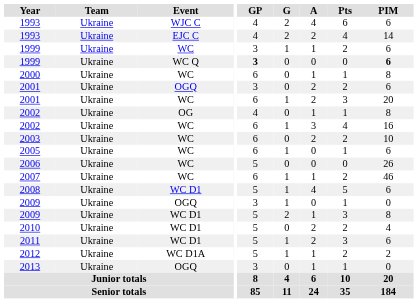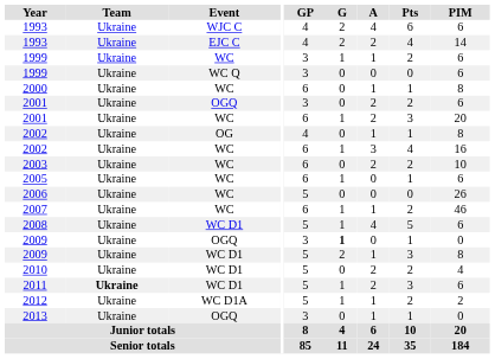 <table border="0" cellpadding="1" cellspacing="0" style="text-align:center; width:40em">
 <tr bgcolor="#e0e0e0">
 <th>Year</th>
 <th>Team</th>
 <th>Event</th>
 <th rowspan="99" bgcolor="#ffffff"></th>
 <th>GP</th>
 <th>G</th>
 <th>A</th>
 <th>Pts</th>
 <th>PIM</th>
 </tr>
 <tr>
 <td><a href='#'>1993</a></td>
 <td><a href='#'>Ukraine</a></td>
 <td><a href='#'>WJC C</a></td>
 <td>4</td>
 <td>2</td>
 <td>4</td>
 <td>6</td>
 <td>6</td>
 </tr>
 <tr bgcolor="#f0f0f0">
 <td><a href='#'>1993</a></td>
 <td><a href='#'>Ukraine</a></td>
 <td><a href='#'>EJC C</a></td>
 <td>4</td>
 <td>2</td>
 <td>2</td>
 <td>4</td>
 <td>14</td>
 </tr>
 <tr>
 <td><a href='#'>1999</a></td>
 <td><a href='#'>Ukraine</a></td>
 <td><a href='#'>WC</a></td>
 <td>3</td>
 <td>1</td>
 <td>1</td>
 <td>2</td>
 <td>6</td>
 </tr>
 <tr bgcolor="#f0f0f0">
 <td><a href='#'>1999</a></td>
 <td>Ukraine</td>
 <td>WC Q</td>
-<td><strong>3</strong></td>
+<td>3</td>
 <td>0</td>
 <td>0</td>
 <td>0</td>
-<td><strong>6</strong></td>
+<td>6</td>
 </tr>
 <tr>
 <td><a href='#'>2000</a></td>
 <td>Ukraine</td>
 <td>WC</td>
 <td>6</td>
 <td>0</td>
 <td>1</td>
 <td>1</td>
 <td>8</td>
 </tr>
 <tr bgcolor="#f0f0f0">
 <td><a href='#'>2001</a></td>
 <td>Ukraine</td>
 <td><a href='#'>OGQ</a></td>
 <td>3</td>
 <td>0</td>
 <td>2</td>
 <td>2</td>
 <td>6</td>
 </tr>
 <tr>
 <td><a href='#'>2001</a></td>
 <td>Ukraine</td>
 <td>WC</td>
 <td>6</td>
 <td>1</td>
 <td>2</td>
 <td>3</td>
 <td>20</td>
 </tr>
 <tr bgcolor="#f0f0f0">
 <td><a href='#'>2002</a></td>
 <td>Ukraine</td>
 <td>OG</td>
 <td>4</td>
 <td>0</td>
 <td>1</td>
 <td>1</td>
 <td>8</td>
 </tr>
 <tr>
 <td><a href='#'>2002</a></td>
 <td>Ukraine</td>
 <td>WC</td>
 <td>6</td>
 <td>1</td>
 <td>3</td>
 <td>4</td>
 <td>16</td>
 </tr>
 <tr bgcolor="#f0f0f0">
 <td><a href='#'>2003</a></td>
 <td>Ukraine</td>
 <td>WC</td>
 <td>6</td>
 <td>0</td>
 <td>2</td>
 <td>2</td>
 <td>10</td>
 </tr>
 <tr>
 <td><a href='#'>2005</a></td>
 <td>Ukraine</td>
 <td>WC</td>
 <td>6</td>
 <td>1</td>
 <td>0</td>
 <td>1</td>
 <td>6</td>
 </tr>
 <tr bgcolor="#f0f0f0">
 <td><a href='#'>2006</a></td>
 <td>Ukraine</td>
 <td>WC</td>
 <td>5</td>
 <td>0</td>
 <td>0</td>
 <td>0</td>
 <td>26</td>
 </tr>
 <tr>
 <td><a href='#'>2007</a></td>
 <td>Ukraine</td>
 <td>WC</td>
 <td>6</td>
 <td>1</td>
 <td>1</td>
 <td>2</td>
 <td>46</td>
 </tr>
 <tr bgcolor="#f0f0f0">
 <td><a href='#'>2008</a></td>
 <td>Ukraine</td>
 <td><a href='#'>WC D1</a></td>
 <td>5</td>
 <td>1</td>
 <td>4</td>
 <td>5</td>
 <td>6</td>
 </tr>
 <tr>
 <td><a href='#'>2009</a></td>
 <td>Ukraine</td>
 <td>OGQ</td>
 <td>3</td>
-<td>1</td>
+<td><strong>1</strong></td>
 <td>0</td>
 <td>1</td>
 <td>0</td>
 </tr>
 <tr bgcolor="#f0f0f0">
 <td><a href='#'>2009</a></td>
 <td>Ukraine</td>
 <td>WC D1</td>
 <td>5</td>
 <td>2</td>
 <td>1</td>
 <td>3</td>
 <td>8</td>
 </tr>
 <tr>
 <td><a href='#'>2010</a></td>
 <td>Ukraine</td>
 <td>WC D1</td>
 <td>5</td>
 <td>0</td>
 <td>2</td>
 <td>2</td>
 <td>4</td>
 </tr>
 <tr bgcolor="#f0f0f0">
 <td><a href='#'>2011</a></td>
-<td>Ukraine</td>
+<td><strong>Ukraine</strong></td>
 <td>WC D1</td>
 <td>5</td>
 <td>1</td>
 <td>2</td>
 <td>3</td>
 <td>6</td>
 </tr>
 <tr>
 <td><a href='#'>2012</a></td>
 <td>Ukraine</td>
 <td>WC D1A</td>
 <td>5</td>
 <td>1</td>
 <td>1</td>
 <td>2</td>
 <td>2</td>
 </tr>
 <tr bgcolor="#f0f0f0">
 <td><a href='#'>2013</a></td>
 <td>Ukraine</td>
 <td>OGQ</td>
 <td>3</td>
 <td>0</td>
 <td>1</td>
 <td>1</td>
 <td>0</td>
 </tr>
 <tr bgcolor="#e0e0e0">
 <th colspan="3">Junior totals</th>
 <th>8</th>
 <th>4</th>
 <th>6</th>
 <th>10</th>
 <th>20</th>
 </tr>
 <tr bgcolor="#e0e0e0">
 <th colspan="3">Senior totals</th>
 <th>85</th>
 <th>11</th>
 <th>24</th>
 <th>35</th>
 <th>184</th>
 </tr>
 </table>
